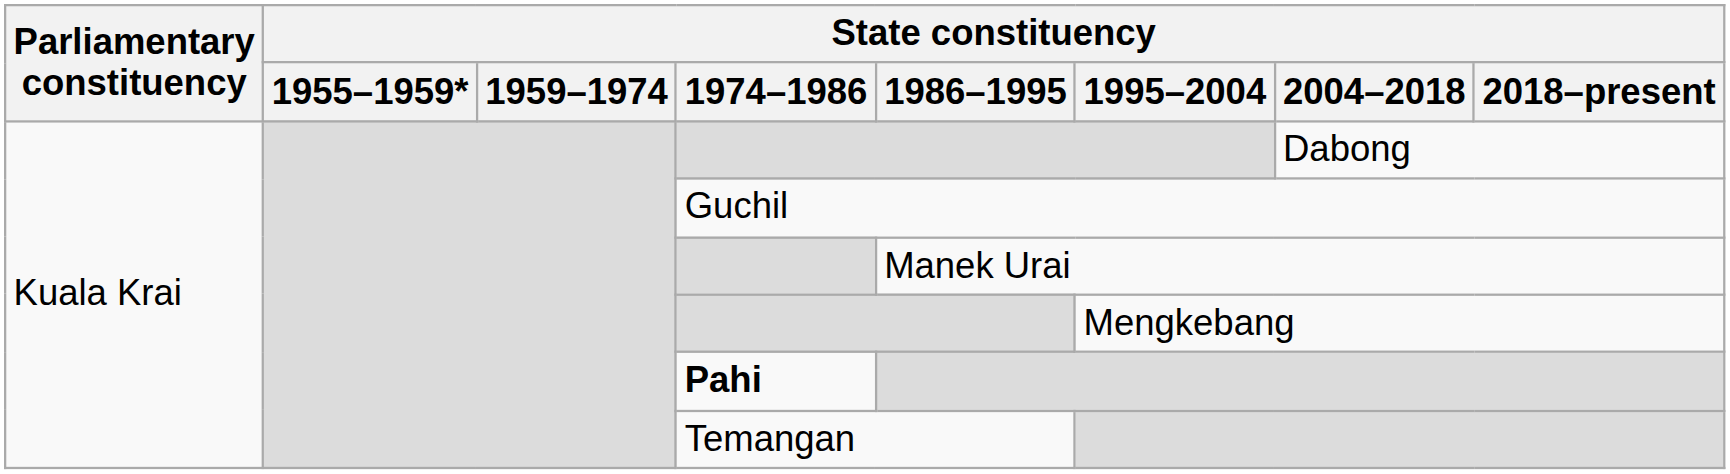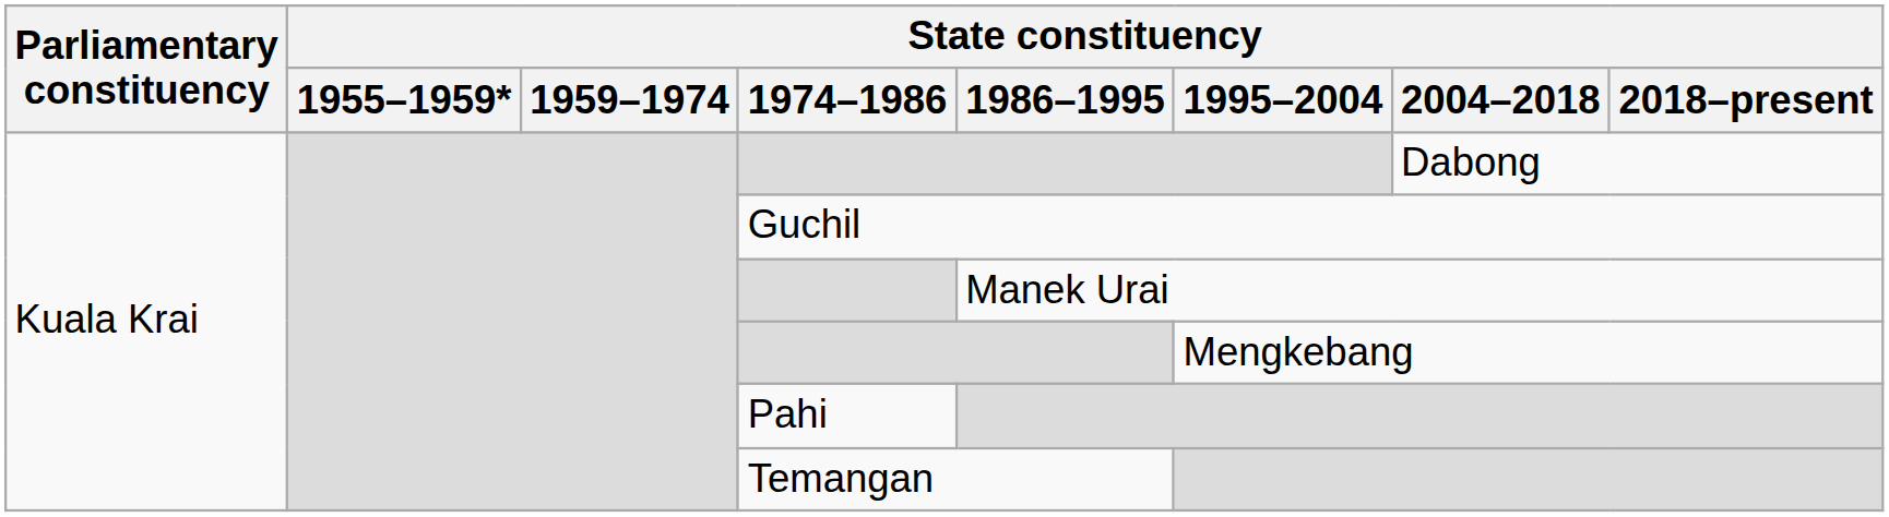 <table class="wikitable">
 <tr>
 <th rowspan="2">Parliamentary<br>constituency</th>
 <th colspan="7">State constituency</th>
 </tr>
 <tr>
 <th>1955–1959*</th>
 <th>1959–1974</th>
 <th>1974–1986</th>
 <th>1986–1995</th>
 <th>1995–2004</th>
 <th>2004–2018</th>
 <th>2018–present</th>
 </tr>
 <tr>
 <td rowspan="6">Kuala Krai</td>
 <td colspan="2" rowspan="6" bgcolor="dcdcdc"></td>
 <td colspan="3" bgcolor="dcdcdc"></td>
 <td colspan="2">Dabong</td>
 </tr>
 <tr>
 <td colspan="5">Guchil</td>
 </tr>
 <tr>
 <td bgcolor="dcdcdc"></td>
 <td colspan="4">Manek Urai</td>
 </tr>
 <tr>
 <td colspan="2" bgcolor="dcdcdc"></td>
 <td colspan="3">Mengkebang</td>
 </tr>
 <tr>
-<td><strong>Pahi</strong></td>
+<td>Pahi</td>
 <td colspan="4" bgcolor="dcdcdc"></td>
 </tr>
 <tr>
 <td colspan="2">Temangan</td>
 <td colspan="3" bgcolor="dcdcdc"></td>
 </tr>
 </table>
